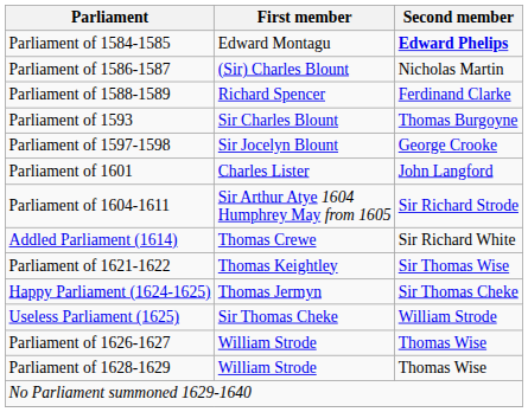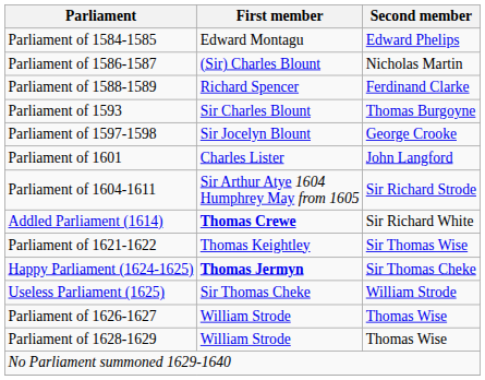 <table class="wikitable">
 <tr>
 <th>Parliament</th>
 <th>First member</th>
 <th>Second member</th>
 </tr>
 <tr>
 <td>Parliament of 1584-1585</td>
 <td>Edward Montagu</td>
-<td><strong><a href='#'>Edward Phelips</a></strong></td>
+<td><a href='#'>Edward Phelips</a></td>
 </tr>
 <tr>
 <td>Parliament of 1586-1587</td>
 <td><a href='#'>(Sir) Charles Blount</a></td>
 <td>Nicholas Martin</td>
 </tr>
 <tr>
 <td>Parliament of 1588-1589</td>
 <td><a href='#'>Richard Spencer</a></td>
 <td><a href='#'>Ferdinand Clarke</a></td>
 </tr>
 <tr>
 <td>Parliament of 1593</td>
 <td><a href='#'>Sir Charles Blount</a></td>
 <td><a href='#'>Thomas Burgoyne</a></td>
 </tr>
 <tr>
 <td>Parliament of 1597-1598</td>
 <td><a href='#'>Sir Jocelyn Blount</a></td>
 <td><a href='#'>George Crooke</a></td>
 </tr>
 <tr>
 <td>Parliament of 1601</td>
 <td><a href='#'>Charles Lister</a></td>
 <td><a href='#'>John Langford</a></td>
 </tr>
 <tr>
 <td>Parliament of 1604-1611</td>
 <td><a href='#'>Sir Arthur Atye</a> <em>1604</em><br><a href='#'>Humphrey May</a> <em>from 1605</em></td>
 <td><a href='#'>Sir Richard Strode</a></td>
 </tr>
 <tr>
 <td><a href='#'>Addled Parliament (1614)</a></td>
-<td><a href='#'>Thomas Crewe</a></td>
+<td><strong><a href='#'>Thomas Crewe</a></strong></td>
 <td>Sir Richard White</td>
 </tr>
 <tr>
 <td>Parliament of 1621-1622</td>
 <td><a href='#'>Thomas Keightley</a></td>
 <td><a href='#'>Sir Thomas Wise</a></td>
 </tr>
 <tr>
 <td><a href='#'>Happy Parliament (1624-1625)</a></td>
-<td><a href='#'>Thomas Jermyn</a></td>
+<td><strong><a href='#'>Thomas Jermyn</a></strong></td>
 <td><a href='#'>Sir Thomas Cheke</a></td>
 </tr>
 <tr>
 <td><a href='#'>Useless Parliament (1625)</a></td>
 <td><a href='#'>Sir Thomas Cheke</a></td>
 <td><a href='#'>William Strode</a></td>
 </tr>
 <tr>
 <td>Parliament of 1626-1627</td>
 <td><a href='#'>William Strode</a></td>
 <td><a href='#'>Thomas Wise</a></td>
 </tr>
 <tr>
 <td>Parliament of 1628-1629</td>
 <td><a href='#'>William Strode</a></td>
 <td>Thomas Wise</td>
 </tr>
 <tr>
 <td colspan="4"><em>No Parliament summoned 1629-1640</em></td>
 </tr>
 <tr>
 </tr>
 </table>
